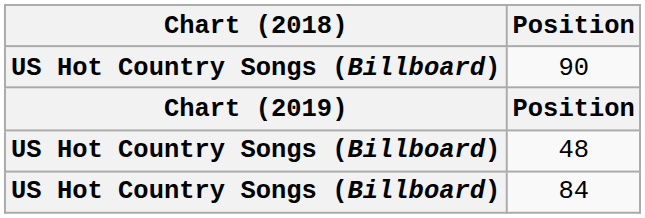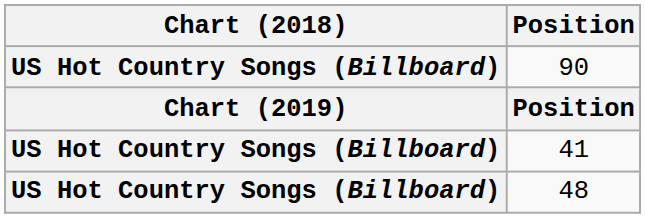 <table class="wikitable plainrowheaders" style="text-align:center">
 <tr>
 <th scope="col">Chart (2018)</th>
 <th scope="col">Position</th>
 </tr>
 <tr>
 <th scope="row">US Hot Country Songs (<em>Billboard</em>)</th>
 <td>90</td>
 </tr>
 <tr>
 <th scope="col">Chart (2019)</th>
 <th scope="col">Position</th>
 </tr>
 <tr>
 <th scope="row">US Hot Country Songs (<em>Billboard</em>)</th>
-<td>48</td>
+<td>41</td>
 </tr>
 <tr>
 <th scope="row">US Hot Country Songs (<em>Billboard</em>)</th>
-<td>84</td>
+<td>48</td>
 </tr>
 </table>
